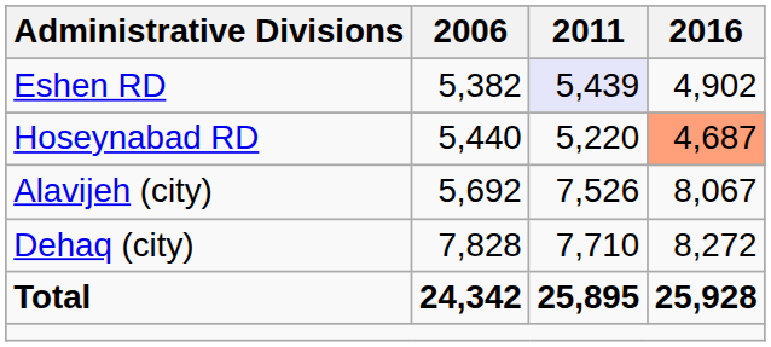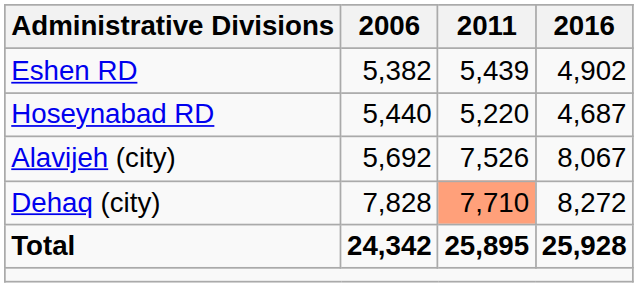 <table class="wikitable">
 <tr>
 <th>Administrative Divisions</th>
 <th>2006</th>
 <th>2011</th>
 <th>2016</th>
 </tr>
 <tr>
 <td><a href='#'>Eshen RD</a></td>
 <td style="text-align: right;">5,382</td>
-<td style="background: lavender; text-align: right;">5,439</td>
+<td style="text-align: right;">5,439</td>
 <td style="text-align: right;">4,902</td>
 </tr>
 <tr>
 <td><a href='#'>Hoseynabad RD</a></td>
 <td style="text-align: right;">5,440</td>
 <td style="text-align: right;">5,220</td>
-<td style="background: lightsalmon; text-align: right;">4,687</td>
+<td style="text-align: right;">4,687</td>
 </tr>
 <tr>
 <td><a href='#'>Alavijeh</a> (city)</td>
 <td style="text-align: right;">5,692</td>
 <td style="text-align: right;">7,526</td>
 <td style="text-align: right;">8,067</td>
 </tr>
 <tr>
 <td><a href='#'>Dehaq</a> (city)</td>
 <td style="text-align: right;">7,828</td>
-<td style="text-align: right;">7,710</td>
+<td style="background: lightsalmon; text-align: right;">7,710</td>
 <td style="text-align: right;">8,272</td>
 </tr>
 <tr>
 <td><strong>Total</strong></td>
 <td style="text-align: right;"><strong>24,342</strong></td>
 <td style="text-align: right;"><strong>25,895</strong></td>
 <td style="text-align: right;"><strong>25,928</strong></td>
 </tr>
 <tr>
 <td colspan=4></td>
 </tr>
 </table>
